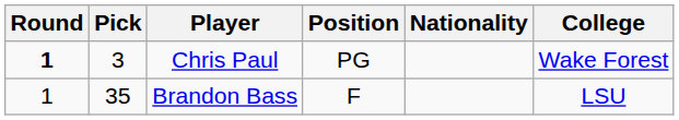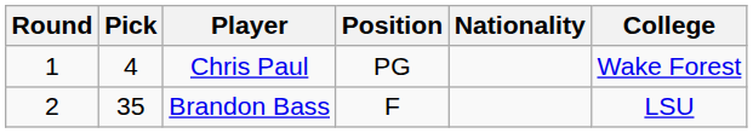 <table class="wikitable sortable sortable">
 <tr>
 <th>Round</th>
 <th>Pick</th>
 <th>Player</th>
 <th>Position</th>
 <th>Nationality</th>
 <th>College</th>
 </tr>
 <tr style="text-align: center">
-<td><strong>1</strong></td>
-<td>3</td>
+<td>1</td>
+<td>4</td>
 <td><a href='#'>Chris Paul</a></td>
 <td>PG</td>
 <td></td>
 <td><a href='#'>Wake Forest</a></td>
 </tr>
 <tr style="text-align: center">
-<td>1</td>
+<td>2</td>
 <td>35</td>
 <td><a href='#'>Brandon Bass</a></td>
 <td>F</td>
 <td></td>
 <td><a href='#'>LSU</a></td>
 </tr>
 </table>
